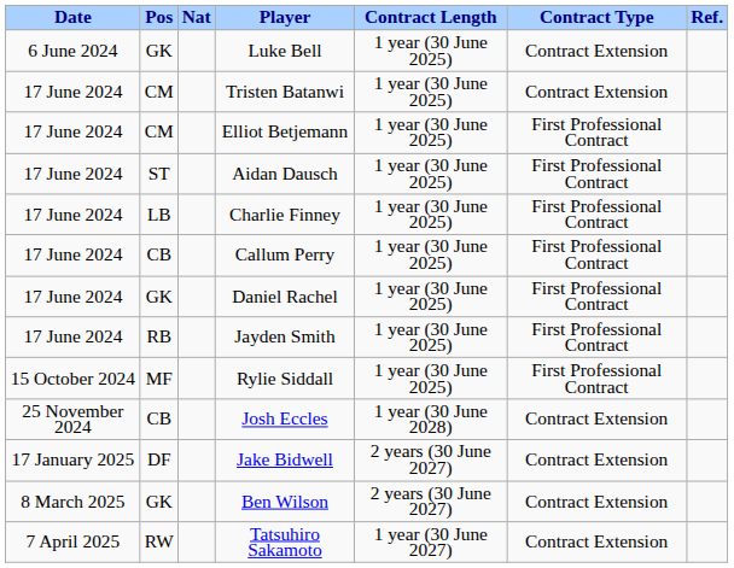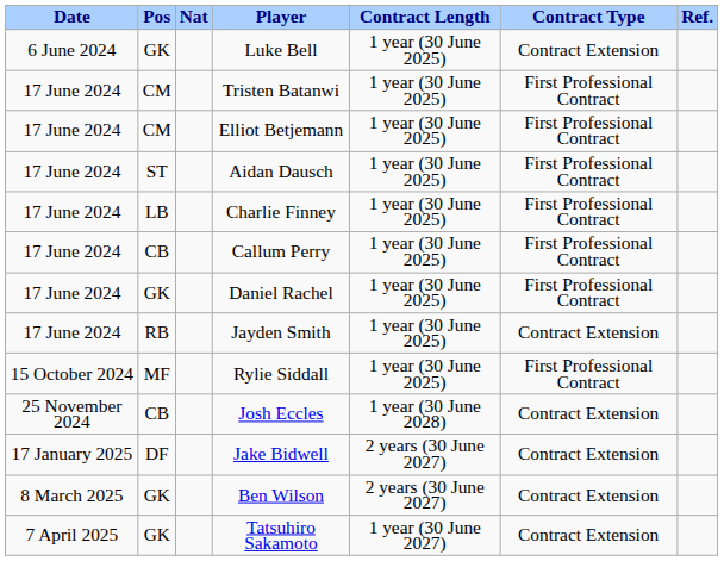 <table class="wikitable sortable alternance" style="font-size:100%; text-align:center; line-height:14px; width:100%;">
 <tr>
 <th style="background:#AAD0FF; color:#000080; ">Date</th>
 <th style="background:#AAD0FF; color:#000080; ">Pos</th>
 <th style="background:#AAD0FF; color:#000080; ">Nat</th>
 <th style="background:#AAD0FF; color:#000080; ">Player</th>
 <th style="background:#AAD0FF; color:#000080; ">Contract Length</th>
 <th style="background:#AAD0FF; color:#000080; ">Contract Type</th>
 <th style="background:#AAD0FF; color:#000080; ">Ref.</th>
 </tr>
 <tr>
 <td>6 June 2024</td>
 <td>GK</td>
 <td></td>
 <td>Luke Bell</td>
 <td>1 year (30 June 2025)</td>
 <td>Contract Extension</td>
 <td></td>
 </tr>
 <tr>
 <td>17 June 2024</td>
 <td>CM</td>
 <td></td>
 <td>Tristen Batanwi</td>
 <td>1 year (30 June 2025)</td>
-<td>Contract Extension</td>
+<td>First Professional Contract</td>
 <td></td>
 </tr>
 <tr>
 <td>17 June 2024</td>
 <td>CM</td>
 <td></td>
 <td>Elliot Betjemann</td>
 <td>1 year (30 June 2025)</td>
 <td>First Professional Contract</td>
 <td></td>
 </tr>
 <tr>
 <td>17 June 2024</td>
 <td>ST</td>
 <td></td>
 <td>Aidan Dausch</td>
 <td>1 year (30 June 2025)</td>
 <td>First Professional Contract</td>
 <td></td>
 </tr>
 <tr>
 <td>17 June 2024</td>
 <td>LB</td>
 <td></td>
 <td>Charlie Finney</td>
 <td>1 year (30 June 2025)</td>
 <td>First Professional Contract</td>
 <td></td>
 </tr>
 <tr>
 <td>17 June 2024</td>
 <td>CB</td>
 <td></td>
 <td>Callum Perry</td>
 <td>1 year (30 June 2025)</td>
 <td>First Professional Contract</td>
 <td></td>
 </tr>
 <tr>
 <td>17 June 2024</td>
 <td>GK</td>
 <td></td>
 <td>Daniel Rachel</td>
 <td>1 year (30 June 2025)</td>
 <td>First Professional Contract</td>
 <td></td>
 </tr>
 <tr>
 <td>17 June 2024</td>
 <td>RB</td>
 <td></td>
 <td>Jayden Smith</td>
 <td>1 year (30 June 2025)</td>
-<td>First Professional Contract</td>
+<td>Contract Extension</td>
 <td></td>
 </tr>
 <tr>
 <td>15 October 2024</td>
 <td>MF</td>
 <td></td>
 <td>Rylie Siddall</td>
 <td>1 year (30 June 2025)</td>
 <td>First Professional Contract</td>
 <td></td>
 </tr>
 <tr>
 <td>25 November 2024</td>
 <td>CB</td>
 <td></td>
 <td><a href='#'>Josh Eccles</a></td>
 <td>1 year (30 June 2028)</td>
 <td>Contract Extension</td>
 <td></td>
 </tr>
 <tr>
 <td>17 January 2025</td>
 <td>DF</td>
 <td></td>
 <td><a href='#'>Jake Bidwell</a></td>
 <td>2 years (30 June 2027)</td>
 <td>Contract Extension</td>
 <td></td>
 </tr>
 <tr>
 <td>8 March 2025</td>
 <td>GK</td>
 <td></td>
 <td><a href='#'>Ben Wilson</a></td>
 <td>2 years (30 June 2027)</td>
 <td>Contract Extension</td>
 <td></td>
 </tr>
 <tr>
 <td>7 April 2025</td>
-<td>RW</td>
+<td>GK</td>
 <td></td>
 <td><a href='#'>Tatsuhiro Sakamoto</a></td>
 <td>1 year (30 June 2027)</td>
 <td>Contract Extension</td>
 <td></td>
 </tr>
 </table>
